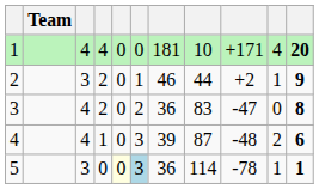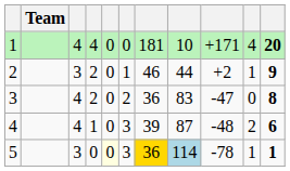 <table class="wikitable" style="text-align:center;">
 <tr>
 <th></th>
 <th>Team</th>
 <th></th>
 <th></th>
 <th></th>
 <th></th>
 <th></th>
 <th></th>
 <th></th>
 <th></th>
 <th></th>
 </tr>
 <tr style="background:#bbf3bb;">
 <td>1</td>
 <td align="left"></td>
 <td>4</td>
 <td>4</td>
 <td>0</td>
 <td>0</td>
 <td>181</td>
 <td>10</td>
 <td>+171</td>
 <td>4</td>
 <td><strong>20</strong></td>
 </tr>
 <tr>
 <td>2</td>
 <td align="left"></td>
 <td>3</td>
 <td>2</td>
 <td>0</td>
 <td>1</td>
 <td>46</td>
 <td>44</td>
 <td>+2</td>
 <td>1</td>
 <td><strong>9</strong></td>
 </tr>
 <tr>
 <td>3</td>
 <td align="left"></td>
 <td>4</td>
 <td>2</td>
 <td>0</td>
 <td>2</td>
 <td>36</td>
 <td>83</td>
 <td>-47</td>
 <td>0</td>
 <td><strong>8</strong></td>
 </tr>
 <tr>
 <td>4</td>
 <td align="left"></td>
 <td>4</td>
 <td>1</td>
 <td>0</td>
 <td>3</td>
 <td>39</td>
 <td>87</td>
 <td>-48</td>
 <td>2</td>
 <td><strong>6</strong></td>
 </tr>
 <tr>
 <td>5</td>
 <td align="left"></td>
 <td>3</td>
 <td>0</td>
 <td style="background: lightyellow;">0</td>
-<td style="background: lightblue;">3</td>
-<td>36</td>
-<td>114</td>
+<td>3</td>
+<td style="background: gold;">36</td>
+<td style="background: lightblue;">114</td>
 <td>-78</td>
 <td>1</td>
 <td><strong>1</strong></td>
 </tr>
 </table>
